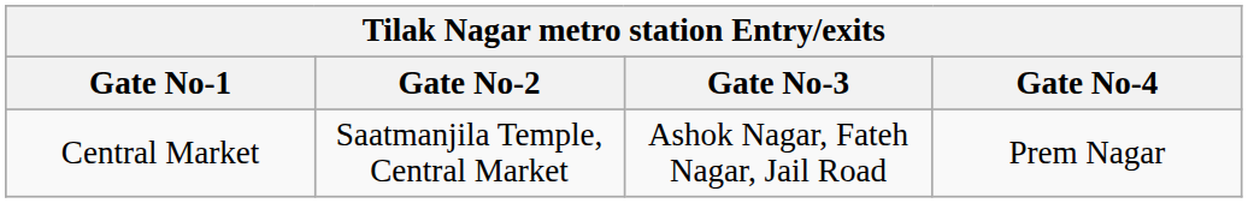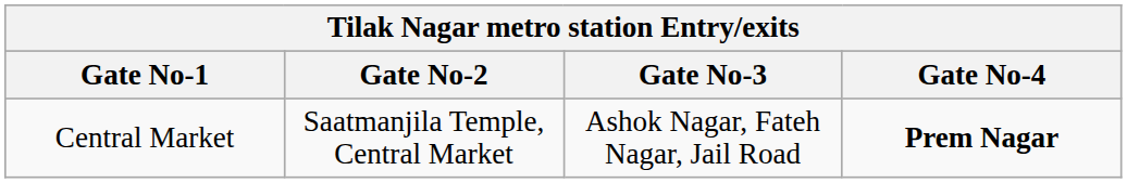 <table class="wikitable" style="text-align: center;">
 <tr>
 <th align="center" colspan="5" style="background:#"><span>Tilak Nagar metro station Entry/exits</span></th>
 </tr>
 <tr>
 <th style="width:15%;">Gate No-1</th>
 <th style="width:15%;">Gate No-2</th>
 <th style="width:15%;">Gate No-3</th>
 <th style="width:15%;">Gate No-4</th>
 </tr>
 <tr>
 <td>Central Market</td>
 <td>Saatmanjila Temple, Central Market</td>
 <td>Ashok Nagar, Fateh Nagar, Jail Road</td>
-<td>Prem Nagar</td>
+<td><strong>Prem Nagar</strong></td>
 </tr>
 </table>
